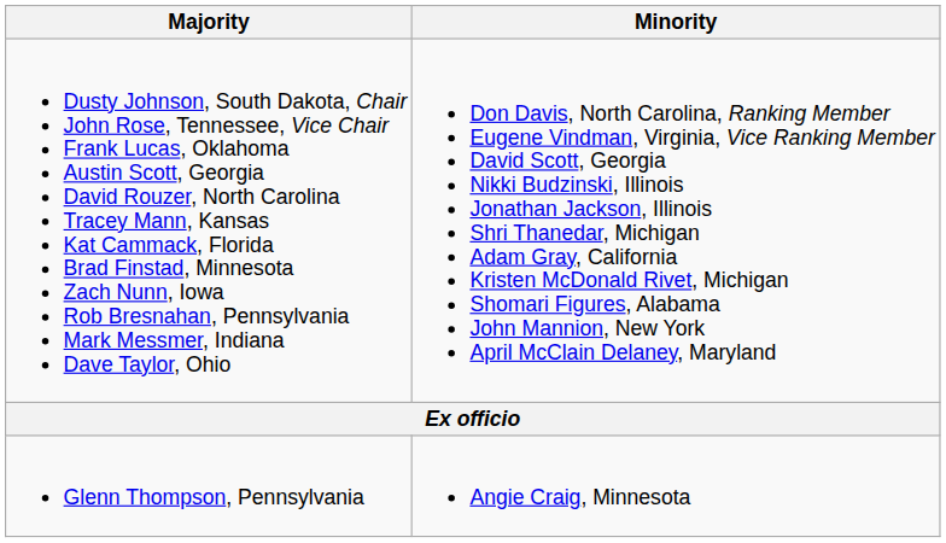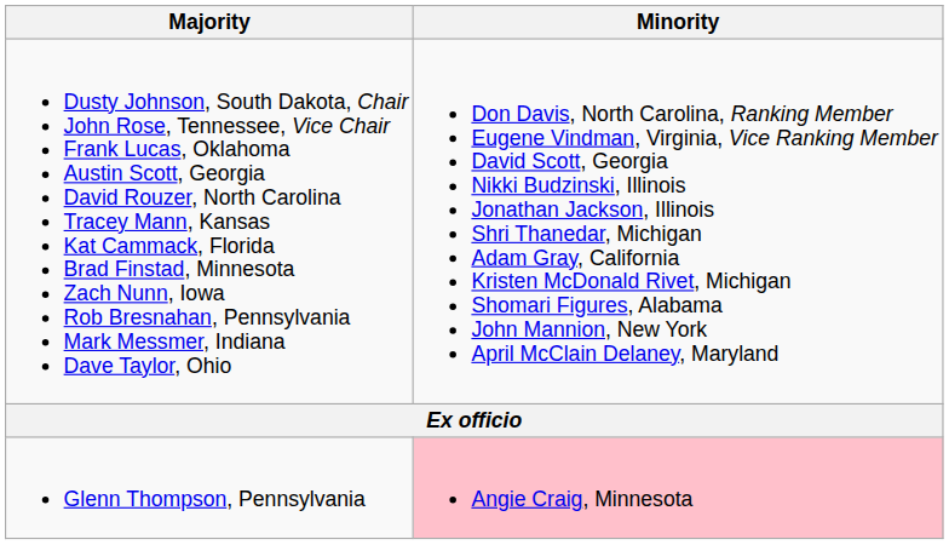 <table class=wikitable>
 <tr>
 <th>Majority</th>
 <th>Minority</th>
 </tr>
 <tr>
 <td><br><ul><li><a href='#'>Dusty Johnson</a>, South Dakota, <em>Chair</em></li><li><a href='#'>John Rose</a>, Tennessee, <em>Vice Chair</em></li><li><a href='#'>Frank Lucas</a>, Oklahoma</li><li><a href='#'>Austin Scott</a>, Georgia</li><li><a href='#'>David Rouzer</a>, North Carolina</li><li><a href='#'>Tracey Mann</a>, Kansas</li><li><a href='#'>Kat Cammack</a>, Florida</li><li><a href='#'>Brad Finstad</a>, Minnesota</li><li><a href='#'>Zach Nunn</a>, Iowa</li><li><a href='#'>Rob Bresnahan</a>, Pennsylvania</li><li><a href='#'>Mark Messmer</a>, Indiana</li><li><a href='#'>Dave Taylor</a>, Ohio</li></ul></td>
 <td><br><ul><li><a href='#'>Don Davis</a>, North Carolina, <em>Ranking Member</em></li><li><a href='#'>Eugene Vindman</a>, Virginia, <em>Vice Ranking Member</em></li><li><a href='#'>David Scott</a>, Georgia</li><li><a href='#'>Nikki Budzinski</a>, Illinois</li><li><a href='#'>Jonathan Jackson</a>, Illinois</li><li><a href='#'>Shri Thanedar</a>, Michigan</li><li><a href='#'>Adam Gray</a>, California</li><li><a href='#'>Kristen McDonald Rivet</a>, Michigan</li><li><a href='#'>Shomari Figures</a>, Alabama</li><li><a href='#'>John Mannion</a>, New York</li><li><a href='#'>April McClain Delaney</a>, Maryland</li></ul></td>
 </tr>
 <tr>
 <th colspan=2><em>Ex officio</em></th>
 </tr>
 <tr>
 <td><br><ul><li><a href='#'>Glenn Thompson</a>, Pennsylvania</li></ul></td>
-<td><br><ul><li><a href='#'>Angie Craig</a>, Minnesota</li></ul></td>
+<td style="background: pink;"><br><ul><li><a href='#'>Angie Craig</a>, Minnesota</li></ul></td>
 </tr>
 </table>
